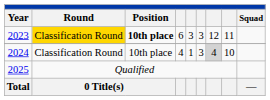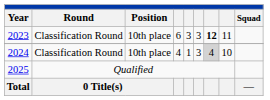 <table class="wikitable" style="text-align: center; font-size:95%;">
 <tr>
 <th colspan=9 style="background:#0038A8; color: #FFFFFF;"><a href='#'></a></th>
 </tr>
 <tr>
 <th>Year</th>
 <th>Round</th>
 <th>Position</th>
 <th></th>
 <th></th>
 <th></th>
 <th></th>
 <th></th>
 <th><small>Squad</small></th>
 </tr>
 <tr>
 <td> <a href='#'>2023</a></td>
-<td style="background: gold;">Classification Round</td>
-<td><strong>10th place</strong></td>
+<td>Classification Round</td>
+<td>10th place</td>
 <td>6</td>
 <td>3</td>
 <td>3</td>
-<td>12</td>
+<td><strong>12</strong></td>
 <td>11</td>
 <td></td>
 </tr>
 <tr>
 </tr>
 <tr>
 <td> <a href='#'>2024</a></td>
 <td>Classification Round</td>
 <td>10th place</td>
 <td>4</td>
 <td>1</td>
 <td>3</td>
 <td style="background: lightgrey;">4</td>
 <td>10</td>
 <td></td>
 </tr>
 <tr>
 <td> <a href='#'>2025</a></td>
 <td colspan=7><em>Qualified</em></td>
 <td></td>
 </tr>
 <tr>
 <th>Total</th>
 <th colspan=2>0 Title(s)</th>
 <th></th>
 <th></th>
 <th></th>
 <th></th>
 <th></th>
 <th>—</th>
 </tr>
 </table>
